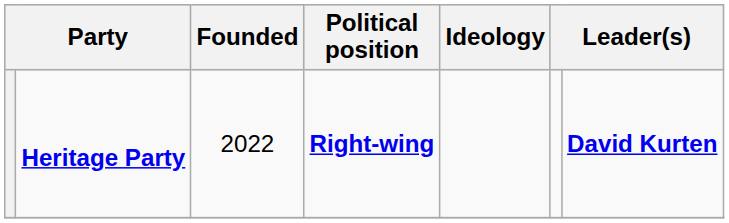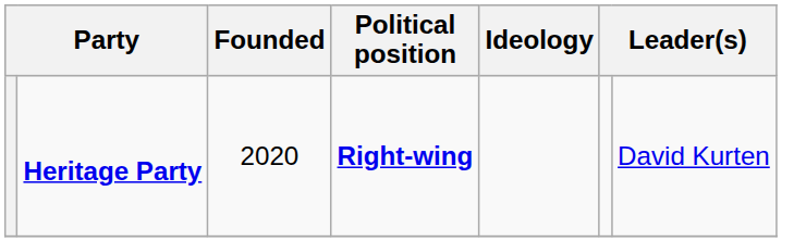 <table class ="wikitable sortable">
 <tr style="background:#ccc;">
 <th colspan="2" scope="col" class="unsortable"  style="width:20px;">Party</th>
 <th>Founded</th>
 <th scope="col" class="unsortable">Political<br>position</th>
 <th scope="col" class="unsortable">Ideology</th>
 <th colspan="2" class="unsortable">Leader(s)</th>
 </tr>
 <tr>
 <th style="background-color: "></th>
 <td align=center><br> <strong><a href='#'>Heritage Party</a></strong></td>
-<td align=center>2022</td>
+<td align=center>2020</td>
 <td><strong><a href='#'>Right-wing</a></strong></td>
 <td> <br> <br><br><br><br></td>
 <td></td>
-<td><strong><a href='#'>David Kurten</a></strong></td>
+<td><a href='#'>David Kurten</a></td>
 </tr>
 <tr>
 </tr>
 </table>
